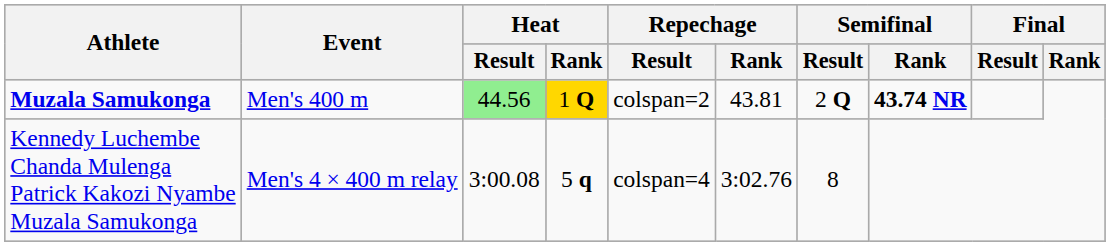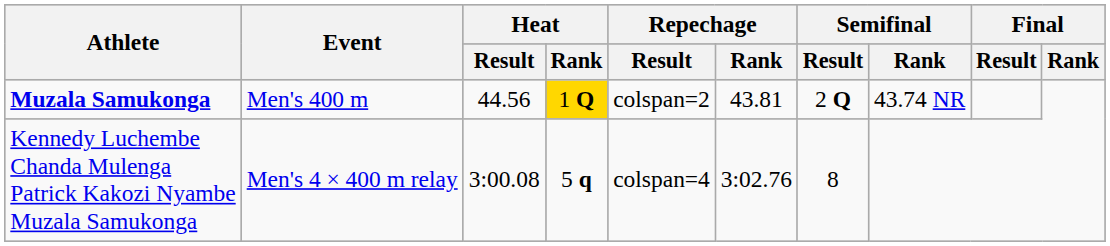 <table class="wikitable" style="font-size:90%">
 <tr>
 <th rowspan="2">Athlete</th>
 <th rowspan="2">Event</th>
 <th colspan="2">Heat</th>
 <th colspan="2">Repechage</th>
 <th colspan="2">Semifinal</th>
 <th colspan="2">Final</th>
 </tr>
 <tr style="font-size:95%">
 <th>Result</th>
 <th>Rank</th>
 <th>Result</th>
 <th>Rank</th>
 <th>Result</th>
 <th>Rank</th>
 <th>Result</th>
 <th>Rank</th>
 </tr>
 <tr align=center>
 <td align=left><strong><a href='#'>Muzala Samukonga</a></strong></td>
 <td align=left><a href='#'>Men's 400 m</a></td>
-<td style="background: lightgreen;">44.56</td>
+<td>44.56</td>
 <td style="background: gold;">1 <strong>Q</strong></td>
 <td>colspan=2 </td>
 <td>43.81</td>
 <td>2 <strong>Q</strong></td>
-<td><strong>43.74 <a href='#'>NR</a></strong></td>
+<td>43.74 <a href='#'>NR</a></td>
 <td></td>
 </tr>
 <tr align=center>
 <td align=left><a href='#'>Kennedy Luchembe</a><br><a href='#'>Chanda Mulenga</a><br><a href='#'>Patrick Kakozi Nyambe</a><br><a href='#'>Muzala Samukonga</a></td>
 <td align=left><a href='#'>Men's 4 × 400 m relay</a></td>
 <td>3:00.08</td>
 <td>5 <strong>q</strong></td>
 <td>colspan=4 </td>
 <td>3:02.76</td>
 <td>8</td>
 </tr>
 </table>
